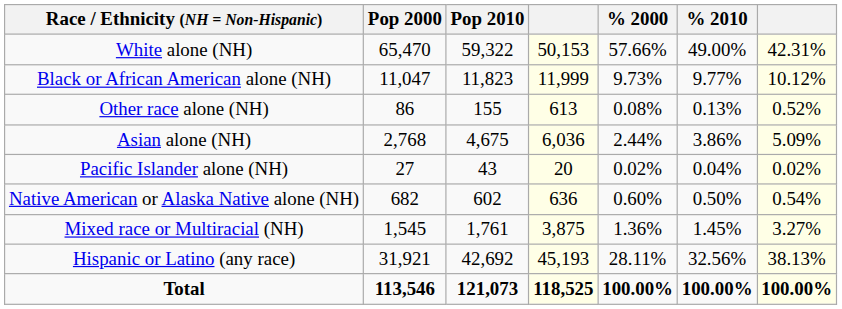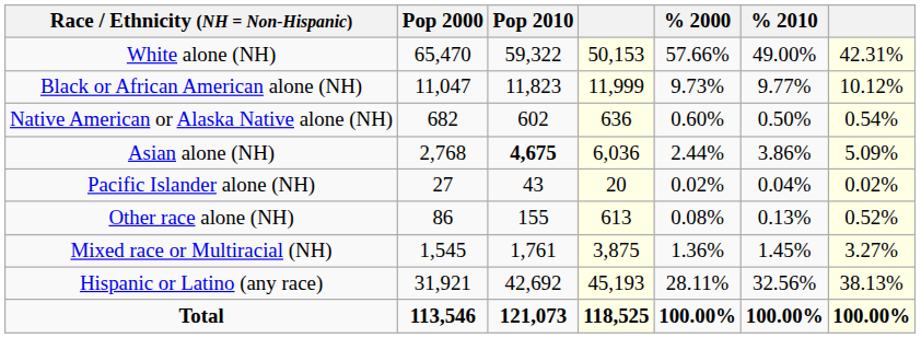 <table class="wikitable" style="text-align:center;">
 <tr>
 <th>Race / Ethnicity <small>(<em>NH = Non-Hispanic</em>)</small></th>
 <th>Pop 2000</th>
 <th>Pop 2010</th>
 <th></th>
 <th>% 2000</th>
 <th>% 2010</th>
 <th></th>
 </tr>
 <tr>
 <td><a href='#'>White</a> alone (NH)</td>
 <td>65,470</td>
 <td>59,322</td>
 <td style='background: #ffffe6;'>50,153</td>
 <td>57.66%</td>
 <td>49.00%</td>
 <td style='background: #ffffe6;'>42.31%</td>
 </tr>
 <tr>
 <td><a href='#'>Black or African American</a> alone (NH)</td>
 <td>11,047</td>
 <td>11,823</td>
 <td style='background: #ffffe6;'>11,999</td>
 <td>9.73%</td>
 <td>9.77%</td>
 <td style='background: #ffffe6;'>10.12%</td>
 </tr>
 <tr>
-<td><a href='#'>Other race</a> alone (NH)</td>
-<td>86</td>
-<td>155</td>
-<td style='background: #ffffe6;'>613</td>
-<td>0.08%</td>
-<td>0.13%</td>
-<td style='background: #ffffe6;'>0.52%</td>
+<td><a href='#'>Native American</a> or <a href='#'>Alaska Native</a> alone (NH)</td>
+<td>682</td>
+<td>602</td>
+<td style='background: #ffffe6;'>636</td>
+<td>0.60%</td>
+<td>0.50%</td>
+<td style='background: #ffffe6;'>0.54%</td>
 </tr>
 <tr>
 <td><a href='#'>Asian</a> alone (NH)</td>
 <td>2,768</td>
-<td>4,675</td>
+<td><strong>4,675</strong></td>
 <td style='background: #ffffe6;'>6,036</td>
 <td>2.44%</td>
 <td>3.86%</td>
 <td style='background: #ffffe6;'>5.09%</td>
 </tr>
 <tr>
 <td><a href='#'>Pacific Islander</a> alone (NH)</td>
 <td>27</td>
 <td>43</td>
 <td style='background: #ffffe6;'>20</td>
 <td>0.02%</td>
 <td>0.04%</td>
 <td style='background: #ffffe6;'>0.02%</td>
 </tr>
 <tr>
-<td><a href='#'>Native American</a> or <a href='#'>Alaska Native</a> alone (NH)</td>
-<td>682</td>
-<td>602</td>
-<td style='background: #ffffe6;'>636</td>
-<td>0.60%</td>
-<td>0.50%</td>
-<td style='background: #ffffe6;'>0.54%</td>
+<td><a href='#'>Other race</a> alone (NH)</td>
+<td>86</td>
+<td>155</td>
+<td style='background: #ffffe6;'>613</td>
+<td>0.08%</td>
+<td>0.13%</td>
+<td style='background: #ffffe6;'>0.52%</td>
 </tr>
 <tr>
 <td><a href='#'>Mixed race or Multiracial</a> (NH)</td>
 <td>1,545</td>
 <td>1,761</td>
 <td style='background: #ffffe6;'>3,875</td>
 <td>1.36%</td>
 <td>1.45%</td>
 <td style='background: #ffffe6;'>3.27%</td>
 </tr>
 <tr>
 <td><a href='#'>Hispanic or Latino</a> (any race)</td>
 <td>31,921</td>
 <td>42,692</td>
 <td style='background: #ffffe6;'>45,193</td>
 <td>28.11%</td>
 <td>32.56%</td>
 <td style='background: #ffffe6;'>38.13%</td>
 </tr>
 <tr>
 <td><strong>Total</strong></td>
 <td><strong>113,546</strong></td>
 <td><strong>121,073</strong></td>
 <td style='background: #ffffe6;'><strong>118,525</strong></td>
 <td><strong>100.00%</strong></td>
 <td><strong>100.00%</strong></td>
 <td style='background: #ffffe6;'><strong>100.00%</strong></td>
 </tr>
 </table>
